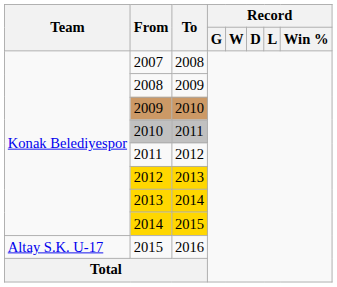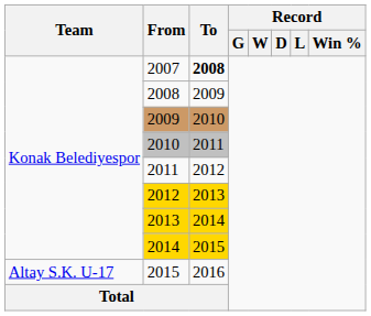 <table class="wikitable" style="text-align: center">
 <tr>
 <th rowspan="2">Team</th>
 <th rowspan="2">From</th>
 <th rowspan="2">To</th>
 <th colspan="5">Record</th>
 </tr>
 <tr>
 <th>G</th>
 <th>W</th>
 <th>D</th>
 <th>L</th>
 <th>Win %</th>
 </tr>
 <tr>
 <td rowspan=8 align=left><a href='#'>Konak Belediyespor</a></td>
 <td align=left>2007</td>
-<td align=left>2008<br></td>
+<td align=left><strong>2008<br></strong></td>
 </tr>
 <tr>
 <td align=left>2008</td>
 <td align=left>2009<br></td>
 </tr>
 <tr bgcolor=cc9966>
 <td align=left>2009</td>
 <td align=left>2010<br></td>
 </tr>
 <tr bgcolor=silver>
 <td align=left>2010</td>
 <td align=left>2011<br></td>
 </tr>
 <tr>
 <td align=left>2011</td>
 <td align=left>2012<br></td>
 </tr>
 <tr bgcolor=gold>
 <td align=left>2012</td>
 <td align=left>2013<br></td>
 </tr>
 <tr bgcolor=gold>
 <td align=left>2013</td>
 <td align=left>2014<br></td>
 </tr>
 <tr bgcolor=gold>
 <td align=left>2014</td>
 <td align=left>2015<br></td>
 </tr>
 <tr>
 <td rowspan=1 align=left><a href='#'>Altay S.K. U-17</a></td>
 <td align=left>2015</td>
 <td align=left>2016<br></td>
 </tr>
 <tr>
 <th colspan="3">Total<br></th>
 </tr>
 </table>
